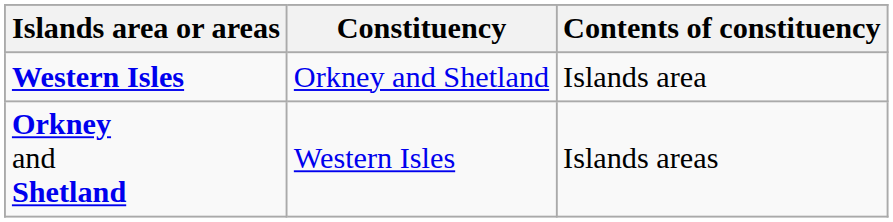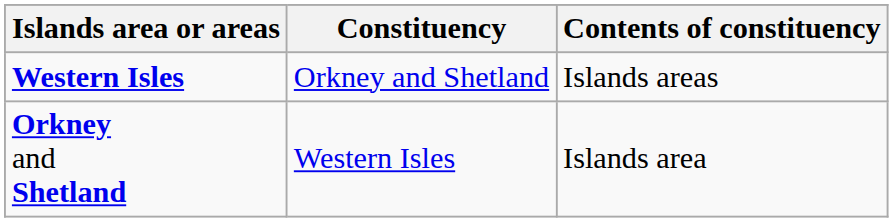 <table class="wikitable">
 <tr>
 <th>Islands area or areas</th>
 <th>Constituency</th>
 <th>Contents of constituency</th>
 </tr>
 <tr>
 <td><strong><a href='#'>Western Isles</a></strong></td>
 <td><a href='#'>Orkney and Shetland</a></td>
-<td>Islands area</td>
+<td>Islands areas</td>
 </tr>
 <tr>
 <td><strong><a href='#'>Orkney</a></strong> <br> and <br> <strong><a href='#'>Shetland</a></strong></td>
 <td><a href='#'>Western Isles</a></td>
-<td>Islands areas</td>
+<td>Islands area</td>
 </tr>
 </table>
